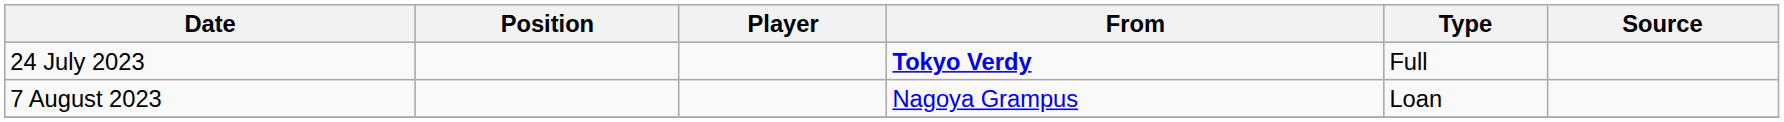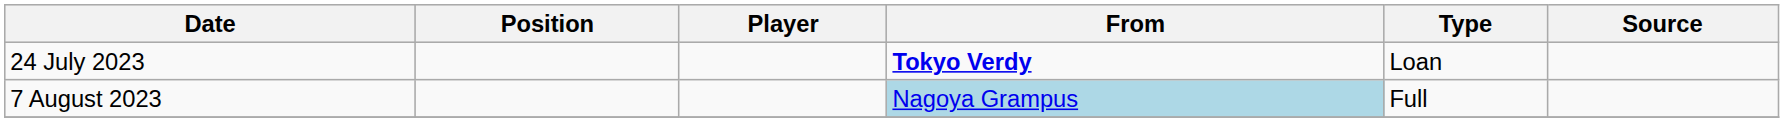 <table class="wikitable sortable" style="width:90%; text-align:center; font-size:95%; text-align:left;">
 <tr>
 <th>Date</th>
 <th>Position</th>
 <th>Player</th>
 <th>From</th>
 <th>Type</th>
 <th>Source</th>
 </tr>
 <tr>
 <td>24 July 2023</td>
 <td></td>
 <td></td>
 <td><strong> <a href='#'>Tokyo Verdy</a></strong></td>
-<td>Full</td>
+<td>Loan</td>
 <td></td>
 </tr>
 <tr>
 <td>7 August 2023</td>
 <td></td>
 <td></td>
-<td> <a href='#'>Nagoya Grampus</a></td>
-<td>Loan</td>
+<td style="background: lightblue;"> <a href='#'>Nagoya Grampus</a></td>
+<td>Full</td>
 <td></td>
 </tr>
 <tr>
 </tr>
 </table>
